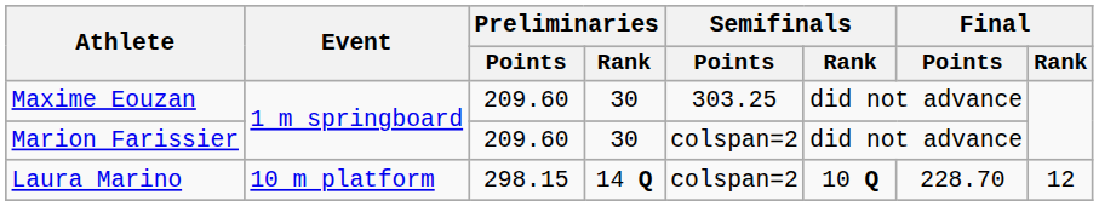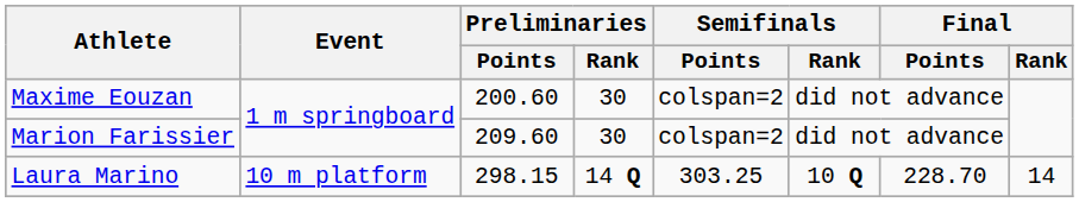 <table class=wikitable style="font-size:90%">
 <tr>
 <th rowspan="2">Athlete</th>
 <th rowspan="2">Event</th>
 <th colspan="2">Preliminaries</th>
 <th colspan="2">Semifinals</th>
 <th colspan="2">Final</th>
 </tr>
 <tr style="font-size:95%">
 <th>Points</th>
 <th>Rank</th>
 <th>Points</th>
 <th>Rank</th>
 <th>Points</th>
 <th>Rank</th>
 </tr>
 <tr align=center>
 <td align=left><a href='#'>Maxime Eouzan</a></td>
 <td align=left rowspan=2><a href='#'>1 m springboard</a></td>
-<td>209.60</td>
+<td>200.60</td>
 <td>30</td>
-<td>303.25</td>
+<td>colspan=2 </td>
 <td colspan=2>did not advance</td>
 </tr>
 <tr align=center>
 <td align=left><a href='#'>Marion Farissier</a></td>
 <td>209.60</td>
 <td>30</td>
 <td>colspan=2 </td>
 <td colspan=2>did not advance</td>
 </tr>
 <tr align=center>
 <td align=left><a href='#'>Laura Marino</a></td>
 <td align=left><a href='#'>10 m platform</a></td>
 <td>298.15</td>
 <td>14 <strong>Q</strong></td>
-<td>colspan=2 </td>
+<td>303.25</td>
 <td>10 <strong>Q</strong></td>
 <td>228.70</td>
-<td>12</td>
+<td>14</td>
 </tr>
 </table>
